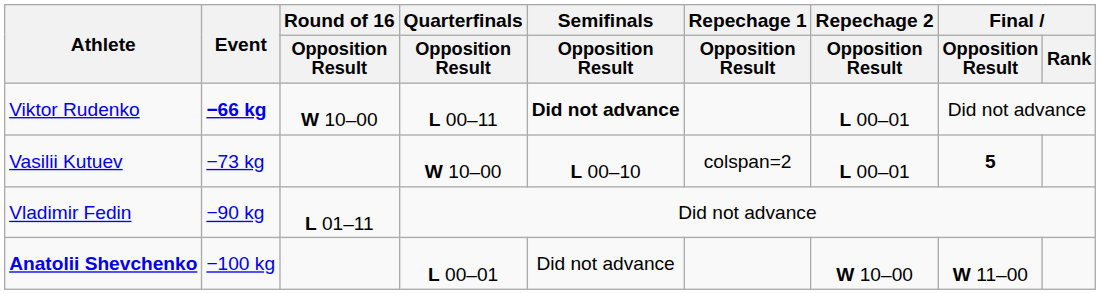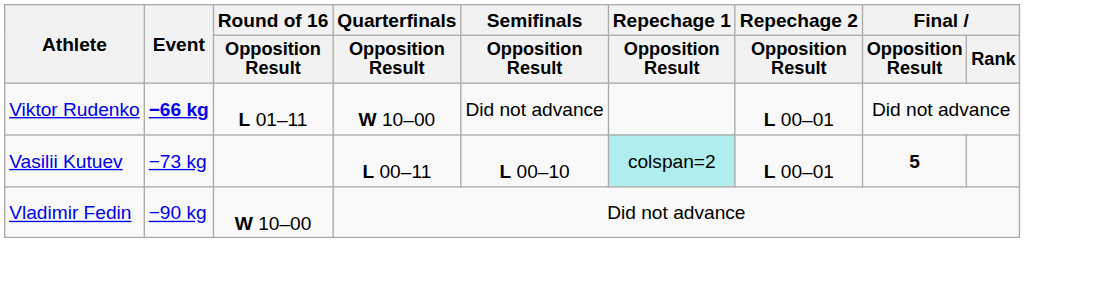 <table class=wikitable style="text-align:center; font-size:90%">
 <tr>
 <th rowspan=2>Athlete</th>
 <th rowspan=2>Event</th>
 <th>Round of 16</th>
 <th>Quarterfinals</th>
 <th>Semifinals</th>
 <th>Repechage 1</th>
 <th>Repechage 2</th>
 <th colspan=2>Final / </th>
 </tr>
 <tr style="font-size:95%">
 <th>Opposition<br>Result</th>
 <th>Opposition<br>Result</th>
 <th>Opposition<br>Result</th>
 <th>Opposition<br>Result</th>
 <th>Opposition<br>Result</th>
 <th>Opposition<br>Result</th>
 <th>Rank</th>
 </tr>
 <tr>
 <td align=left><a href='#'>Viktor Rudenko</a></td>
 <td align=left><strong><a href='#'>−66 kg</a></strong></td>
+<td><br><strong>L</strong> 01–11</td>
 <td><br><strong>W</strong> 10–00</td>
-<td><br><strong>L</strong> 00–11</td>
-<td><strong>Did not advance</strong></td>
+<td>Did not advance</td>
 <td></td>
 <td><br><strong>L</strong> 00–01</td>
 <td colspan=2>Did not advance</td>
 </tr>
 <tr>
 <td align=left><a href='#'>Vasilii Kutuev</a></td>
 <td align=left><a href='#'>−73 kg</a></td>
 <td></td>
-<td><br><strong>W</strong> 10–00</td>
+<td><br><strong>L</strong> 00–11</td>
 <td><br><strong>L</strong> 00–10</td>
-<td>colspan=2 </td>
+<td style="background: paleturquoise;">colspan=2 </td>
 <td><br><strong>L</strong> 00–01</td>
 <td><strong>5</strong></td>
 </tr>
 <tr>
 <td align=left><a href='#'>Vladimir Fedin</a></td>
 <td align=left><a href='#'>−90 kg</a></td>
-<td><br><strong>L</strong> 01–11</td>
+<td><br><strong>W</strong> 10–00</td>
 <td colspan=6>Did not advance</td>
 </tr>
-<tr>
-<td align=left><strong><a href='#'>Anatolii Shevchenko</a></strong></td>
-<td align=left><a href='#'>−100 kg</a></td>
-<td></td>
-<td><br><strong>L</strong> 00–01</td>
-<td>Did not advance</td>
-<td></td>
-<td><br><strong>W</strong> 10–00</td>
-<td><br><strong>W</strong> 11–00</td>
-<td></td>
-</tr>
 </table>
